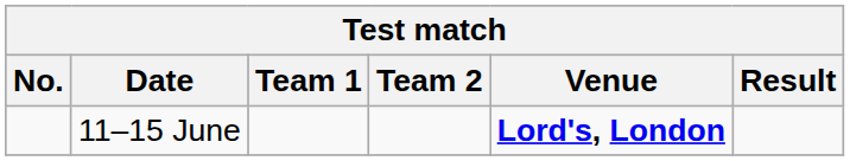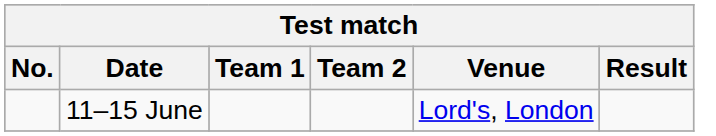 <table class="wikitable">
 <tr>
 <th colspan="9">Test match</th>
 </tr>
 <tr>
 <th>No.</th>
 <th>Date</th>
 <th>Team 1</th>
 <th>Team 2</th>
 <th>Venue</th>
 <th>Result</th>
 </tr>
 <tr>
 <td></td>
 <td>11–15 June</td>
 <td></td>
 <td></td>
-<td><strong><a href='#'>Lord's</a>, <a href='#'>London</a></strong></td>
+<td><a href='#'>Lord's</a>, <a href='#'>London</a></td>
 <td></td>
 </tr>
 </table>
